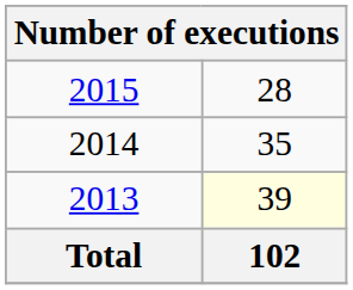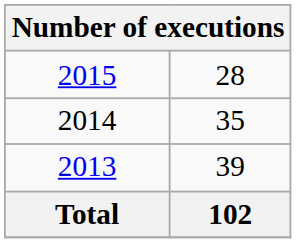 <table class="wikitable" style="text-align:center;">
 <tr>
 <th colspan="2">Number of executions</th>
 </tr>
 <tr>
 <td><a href='#'>2015</a></td>
 <td>28</td>
 </tr>
 <tr>
 <td>2014</td>
 <td>35</td>
 </tr>
 <tr>
 <td><a href='#'>2013</a></td>
-<td style="background: lightyellow;">39</td>
+<td>39</td>
 </tr>
 <tr>
 <th>Total</th>
 <th>102</th>
 </tr>
 <tr>
 </tr>
 </table>
